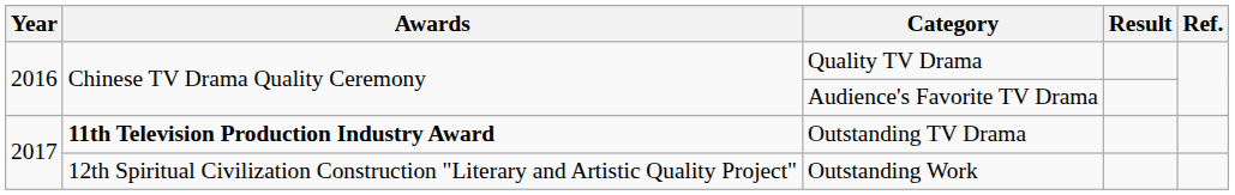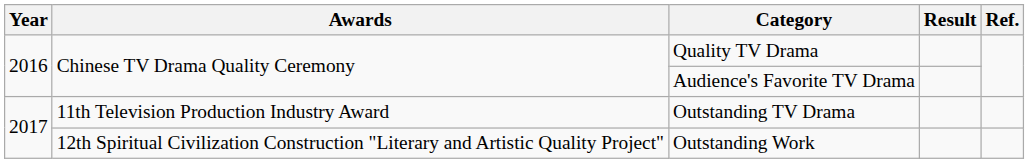 <table class="wikitable">
 <tr>
 <th>Year</th>
 <th>Awards</th>
 <th>Category</th>
 <th>Result</th>
 <th>Ref.</th>
 </tr>
 <tr>
 <td rowspan=2>2016</td>
 <td rowspan=2>Chinese TV Drama Quality Ceremony</td>
 <td>Quality TV Drama</td>
 <td></td>
 <td rowspan=2></td>
 </tr>
 <tr>
 <td>Audience's Favorite TV Drama</td>
 <td></td>
 </tr>
 <tr>
 <td rowspan=2>2017</td>
-<td><strong>11th Television Production Industry Award</strong></td>
+<td>11th Television Production Industry Award</td>
 <td>Outstanding TV Drama</td>
 <td></td>
 <td></td>
 </tr>
 <tr>
 <td>12th Spiritual Civilization Construction "Literary and Artistic Quality Project"</td>
 <td>Outstanding Work</td>
 <td></td>
 <td></td>
 </tr>
 </table>
